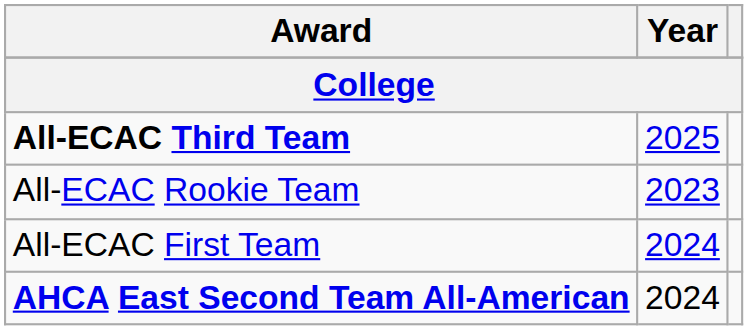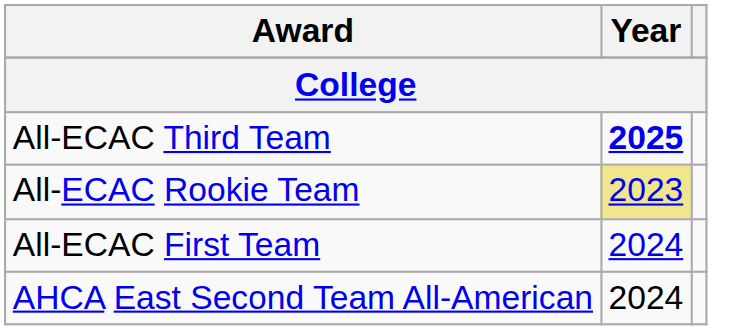 <table class="wikitable">
 <tr>
 <th>Award</th>
 <th>Year</th>
 <th></th>
 </tr>
 <tr ALIGN="center" bgcolor="#e0e0e0">
 </tr>
 <tr ALIGN="center" bgcolor="#e0e0e0">
 <th colspan="3"><a href='#'>College</a></th>
 </tr>
 <tr>
-<td><strong>All-ECAC <a href='#'>Third Team</a></strong></td>
-<td><a href='#'>2025</a></td>
+<td>All-ECAC <a href='#'>Third Team</a></td>
+<td><strong><a href='#'>2025</a></strong></td>
 <td></td>
 </tr>
 <tr>
 <td>All-<a href='#'>ECAC</a> <a href='#'>Rookie Team</a></td>
-<td><a href='#'>2023</a></td>
+<td style="background: khaki;"><a href='#'>2023</a></td>
 <td></td>
 </tr>
 <tr>
 <td>All-ECAC <a href='#'>First Team</a></td>
 <td><a href='#'>2024</a></td>
 <td></td>
 </tr>
 <tr>
-<td><strong><a href='#'>AHCA</a> <a href='#'>East Second Team All-American</a></strong></td>
+<td><a href='#'>AHCA</a> <a href='#'>East Second Team All-American</a></td>
 <td>2024</td>
 <td></td>
 </tr>
 </table>
